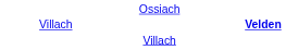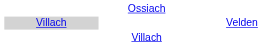 <table width="50%">
 <tr ---->
 <td width ="33%" align="center"></td>
 <td width ="33%" align="center"><a href='#'>Ossiach</a></td>
 <td width ="33%" align="center"></td>
 </tr>
 <tr ---->
-<td width ="33%" align="center"><a href='#'>Villach</a></td>
+<td width ="33%" align="center" style="background: lightgrey;"><a href='#'>Villach</a></td>
 <td width ="33%" align="center"></td>
-<td width ="33%" align="center"><strong><a href='#'>Velden</a></strong></td>
+<td width ="33%" align="center"><a href='#'>Velden</a></td>
 </tr>
 <tr ---->
 <td width ="33%" align="center"></td>
 <td width ="33%" align="center"><a href='#'>Villach</a></td>
 <td width ="33%" align="center"></td>
 </tr>
 </table>
